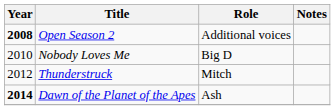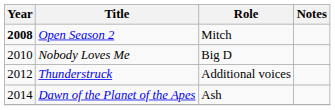 <table class="wikitable">
 <tr>
 <th>Year</th>
 <th>Title</th>
 <th>Role</th>
 <th>Notes</th>
 </tr>
 <tr>
 <td><strong>2008</strong></td>
 <td><em><a href='#'>Open Season 2</a></em></td>
-<td>Additional voices</td>
+<td>Mitch</td>
 <td></td>
 </tr>
 <tr>
 <td>2010</td>
 <td><em>Nobody Loves Me</em></td>
 <td>Big D</td>
 <td></td>
 </tr>
 <tr>
 <td>2012</td>
 <td><em><a href='#'>Thunderstruck</a></em></td>
-<td>Mitch</td>
+<td>Additional voices</td>
 <td></td>
 </tr>
 <tr>
-<td><strong>2014</strong></td>
+<td>2014</td>
 <td><em><a href='#'>Dawn of the Planet of the Apes</a></em></td>
 <td>Ash</td>
 <td></td>
 </tr>
 <tr>
 </tr>
 </table>
